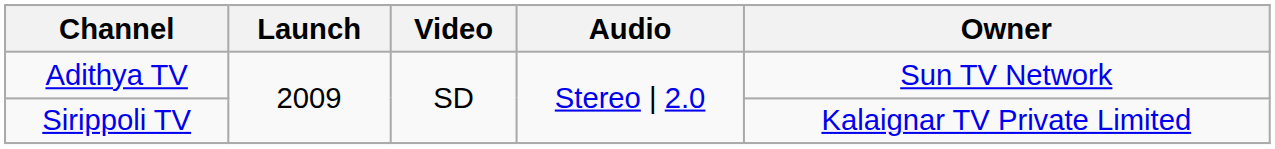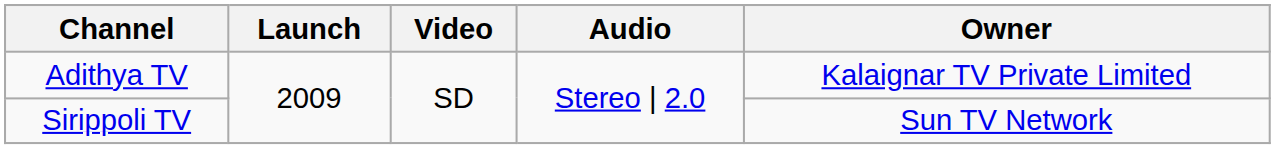 <table class="wikitable sortable" style="border-collapse:collapse; font-size: 90%; text-align:center" width="100%">
 <tr>
 <th>Channel</th>
 <th>Launch</th>
 <th>Video</th>
 <th>Audio</th>
 <th>Owner</th>
 </tr>
 <tr>
 <td><a href='#'>Adithya TV</a></td>
 <td rowspan="2">2009</td>
 <td rowspan="2">SD</td>
 <td rowspan="2"><a href='#'>Stereo</a> | <a href='#'>2.0</a></td>
-<td><a href='#'>Sun TV Network</a></td>
+<td><a href='#'>Kalaignar TV Private Limited</a></td>
 </tr>
 <tr>
 <td><a href='#'>Sirippoli TV</a></td>
-<td><a href='#'>Kalaignar TV Private Limited</a></td>
+<td><a href='#'>Sun TV Network</a></td>
 </tr>
 </table>
